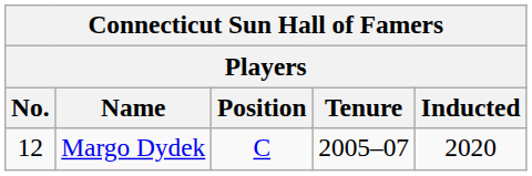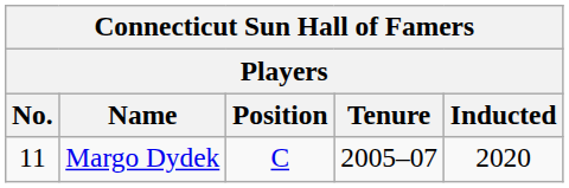 <table class="wikitable" style="text-align:center">
 <tr>
 <th colspan="5">Connecticut Sun Hall of Famers</th>
 </tr>
 <tr>
 <th colspan="5">Players</th>
 </tr>
 <tr>
 <th>No.</th>
 <th>Name</th>
 <th>Position</th>
 <th>Tenure</th>
 <th>Inducted</th>
 </tr>
 <tr>
-<td>12</td>
+<td>11</td>
 <td><a href='#'>Margo Dydek</a></td>
 <td><a href='#'>C</a></td>
 <td>2005–07</td>
 <td>2020</td>
 </tr>
 </table>
